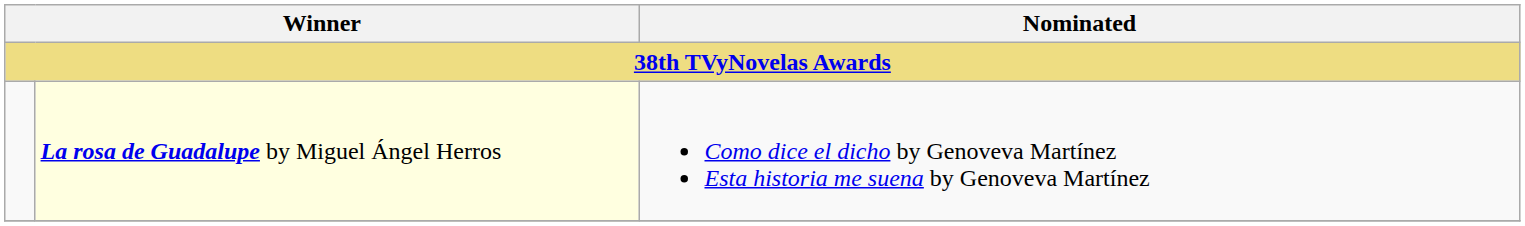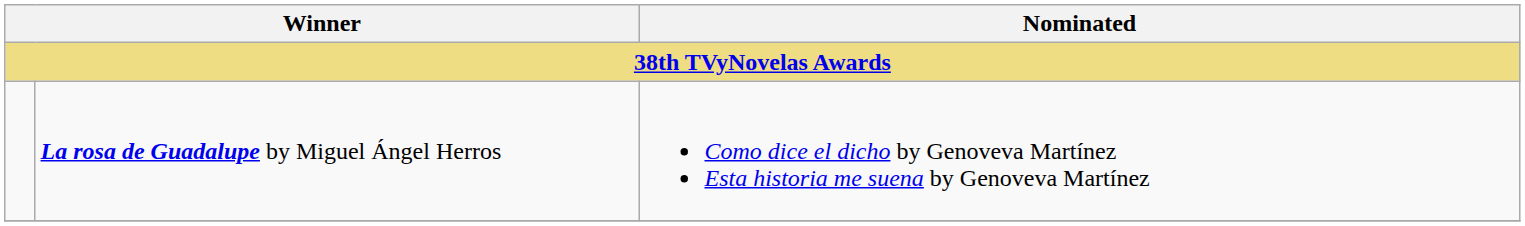 <table class="wikitable" width=80%>
 <tr align=center>
 <th width="150px;" colspan=2; align="center">Winner</th>
 <th width="580px;" align="center">Nominated</th>
 </tr>
 <tr>
 <th colspan=9 style="background:#EEDD82;"  align="center"><strong><a href='#'>38th TVyNovelas Awards</a></strong></th>
 </tr>
 <tr>
 <td width=2%></td>
-<td style="background: lightyellow;"><strong><em><a href='#'>La rosa de Guadalupe</a></em></strong> by Miguel Ángel Herros</td>
+<td><strong><em><a href='#'>La rosa de Guadalupe</a></em></strong> by Miguel Ángel Herros</td>
 <td><br><ul><li><em><a href='#'>Como dice el dicho</a></em> by Genoveva Martínez</li><li><em><a href='#'>Esta historia me suena</a></em> by Genoveva Martínez</li></ul></td>
 </tr>
 <tr>
 </tr>
 </table>
